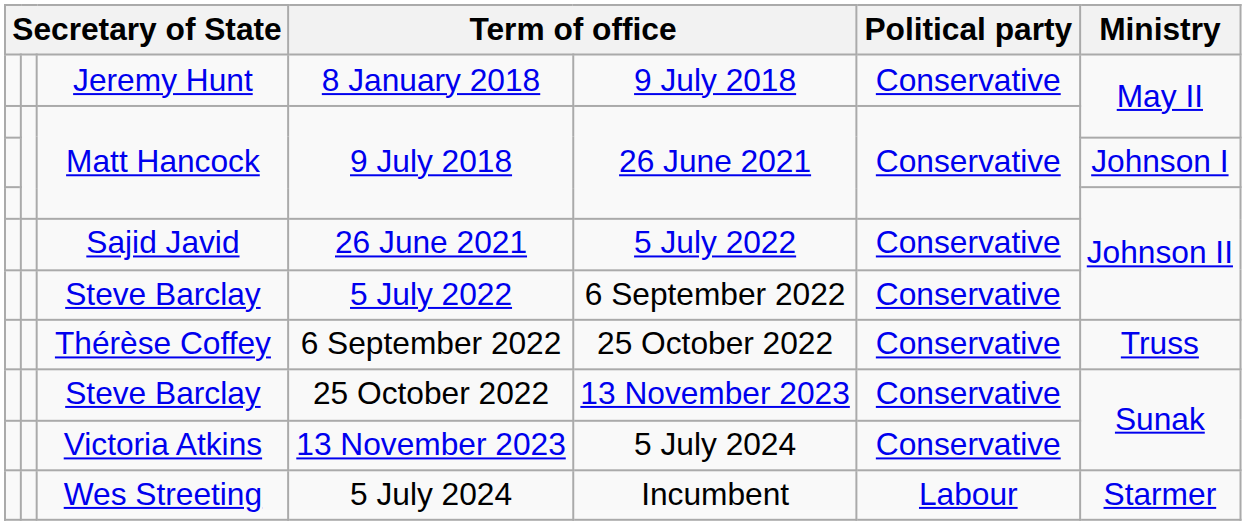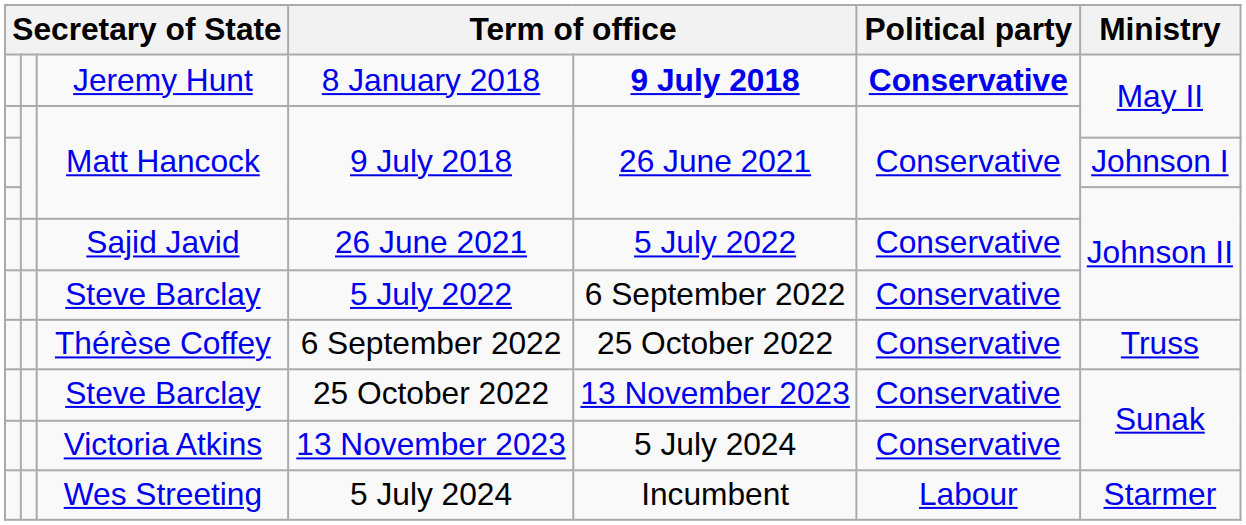 <table class="wikitable" style="text-align:center">
 <tr>
 <th colspan=3>Secretary of State</th>
 <th colspan=2>Term of office</th>
 <th>Political party</th>
 <th>Ministry</th>
 </tr>
 <tr style="height:1em">
 <td style="background-color:"></td>
 <td></td>
 <td><a href='#'>Jeremy Hunt</a><br></td>
 <td><a href='#'>8 January 2018</a></td>
-<td><a href='#'>9 July 2018</a></td>
-<td><a href='#'>Conservative</a></td>
+<td><strong><a href='#'>9 July 2018</a></strong></td>
+<td><strong><a href='#'>Conservative</a></strong></td>
 <td rowspan=2 ><a href='#'>May II</a></td>
 </tr>
 <tr style="height:1em">
 <td style="background-color:"></td>
 <td rowspan=3></td>
 <td rowspan=3><a href='#'>Matt Hancock</a><br></td>
 <td rowspan=3><a href='#'>9 July 2018</a></td>
 <td rowspan=3><a href='#'>26 June 2021</a></td>
 <td rowspan=3><a href='#'>Conservative</a></td>
 </tr>
 <tr style="height:1em">
 <td style="background-color:"></td>
 <td><a href='#'>Johnson I</a></td>
 </tr>
 <tr style="height:1em">
 <td style="background-color:"></td>
 <td rowspan=3 ><a href='#'>Johnson II</a></td>
 </tr>
 <tr style="height:1em">
 <td style="background-color:"></td>
 <td></td>
 <td><a href='#'>Sajid Javid</a><br></td>
 <td><a href='#'>26 June 2021</a></td>
 <td><a href='#'>5 July 2022</a></td>
 <td><a href='#'>Conservative</a></td>
 </tr>
 <tr style="height:1em">
 <td style="background-color:"></td>
 <td></td>
 <td><a href='#'>Steve Barclay</a><br></td>
 <td><a href='#'>5 July 2022</a></td>
 <td>6 September 2022</td>
 <td><a href='#'>Conservative</a></td>
 </tr>
 <tr style="height:1em">
 <td style="background-color:"></td>
 <td></td>
 <td><a href='#'>Thérèse Coffey</a><br></td>
 <td>6 September 2022</td>
 <td>25 October 2022</td>
 <td><a href='#'>Conservative</a></td>
 <td><a href='#'>Truss</a></td>
 </tr>
 <tr style="height:1em">
 <td style="background-color:"></td>
 <td></td>
 <td><a href='#'>Steve Barclay</a><br></td>
 <td>25 October 2022</td>
 <td><a href='#'>13 November 2023</a></td>
 <td><a href='#'>Conservative</a></td>
 <td rowspan=2 ><a href='#'>Sunak</a></td>
 </tr>
 <tr style="height:1em">
 <td style="background-color:"></td>
 <td></td>
 <td><a href='#'>Victoria Atkins</a><br></td>
 <td><a href='#'>13 November 2023</a></td>
 <td>5 July 2024</td>
 <td><a href='#'>Conservative</a></td>
 </tr>
 <tr style="height:1em">
 <td style="background-color:"></td>
 <td></td>
 <td><a href='#'>Wes Streeting</a><br></td>
 <td>5 July 2024</td>
 <td>Incumbent</td>
 <td><a href='#'>Labour</a></td>
 <td><a href='#'>Starmer</a></td>
 </tr>
 </table>
